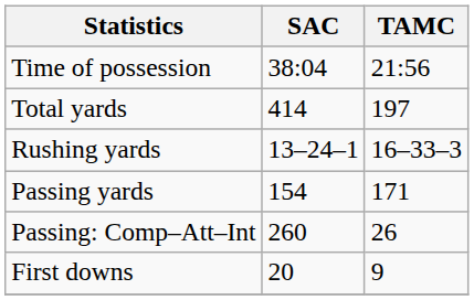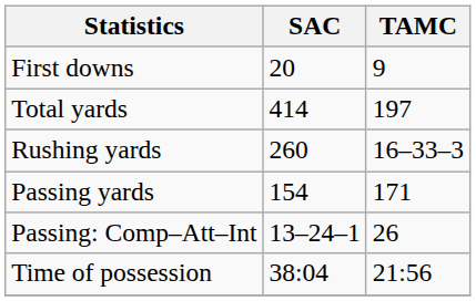 <table class="wikitable" style="float: left;">
 <tr>
 <th>Statistics</th>
 <th>SAC</th>
 <th>TAMC</th>
 </tr>
 <tr>
-<td>Time of possession</td>
-<td>38:04</td>
-<td>21:56</td>
+<td>First downs</td>
+<td>20</td>
+<td>9</td>
 </tr>
 <tr>
 <td>Total yards</td>
 <td>414</td>
 <td>197</td>
 </tr>
 <tr>
 <td>Rushing yards</td>
-<td>13–24–1</td>
+<td>260</td>
 <td>16–33–3</td>
 </tr>
 <tr>
 <td>Passing yards</td>
 <td>154</td>
 <td>171</td>
 </tr>
 <tr>
 <td>Passing: Comp–Att–Int</td>
-<td>260</td>
+<td>13–24–1</td>
 <td>26</td>
 </tr>
 <tr>
-<td>First downs</td>
-<td>20</td>
-<td>9</td>
+<td>Time of possession</td>
+<td>38:04</td>
+<td>21:56</td>
 </tr>
 <tr>
 </tr>
 </table>
